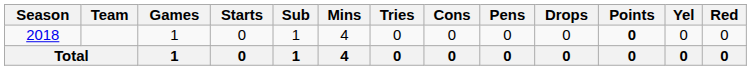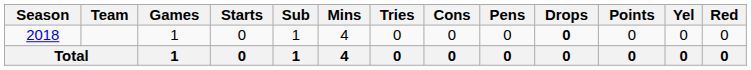 <table class="wikitable" style="text-align:center; line-height:90%; font-size:95%; width:60%;">
 <tr>
 <th>Season</th>
 <th>Team</th>
 <th>Games</th>
 <th>Starts</th>
 <th>Sub</th>
 <th>Mins</th>
 <th>Tries</th>
 <th>Cons</th>
 <th>Pens</th>
 <th>Drops</th>
 <th>Points</th>
 <th>Yel</th>
 <th>Red</th>
 </tr>
 <tr>
 <td><a href='#'>2018</a></td>
 <td></td>
 <td>1</td>
 <td>0</td>
 <td>1</td>
 <td>4</td>
 <td>0</td>
 <td>0</td>
 <td>0</td>
+<td><strong>0</strong></td>
 <td>0</td>
-<td><strong>0</strong></td>
 <td>0</td>
 <td>0</td>
 </tr>
 <tr>
 <th colspan="2">Total</th>
 <th>1</th>
 <th>0</th>
 <th>1</th>
 <th>4</th>
 <th>0</th>
 <th>0</th>
 <th>0</th>
 <th>0</th>
 <th>0</th>
 <th>0</th>
 <th>0</th>
 </tr>
 </table>
